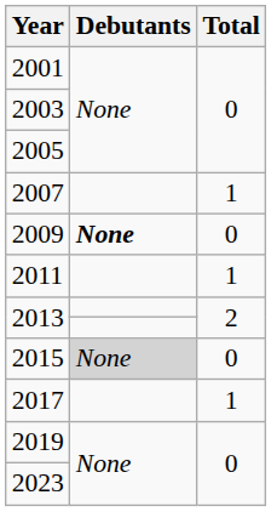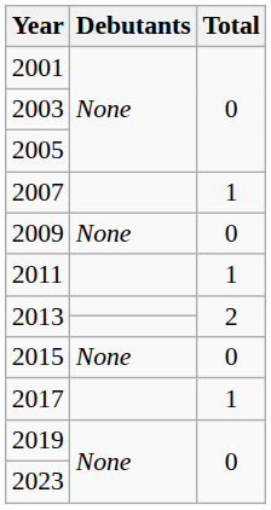 <table class="wikitable">
 <tr>
 <th>Year</th>
 <th>Debutants</th>
 <th>Total</th>
 </tr>
 <tr>
 <td>2001</td>
 <td rowspan=3><em>None</em></td>
 <td rowspan=3 align=center>0</td>
 </tr>
 <tr>
 <td>2003</td>
 </tr>
 <tr>
 <td>2005</td>
 </tr>
 <tr>
 <td>2007</td>
 <td></td>
 <td align=center>1</td>
 </tr>
 <tr>
 <td>2009</td>
-<td><strong><em>None</em></strong></td>
+<td><em>None</em></td>
 <td align=center>0</td>
 </tr>
 <tr>
 <td rowspan=1>2011</td>
 <td></td>
 <td align=center>1</td>
 </tr>
 <tr>
 <td rowspan=2>2013</td>
 <td></td>
 <td rowspan=2 align=center>2</td>
 </tr>
 <tr>
 <td></td>
 </tr>
 <tr>
 <td>2015</td>
-<td style="background: lightgrey;"><em>None</em></td>
+<td><em>None</em></td>
 <td align=center>0</td>
 </tr>
 <tr>
 <td>2017</td>
 <td></td>
 <td align=center>1</td>
 </tr>
 <tr>
 <td>2019</td>
 <td rowspan=2><em>None</em></td>
 <td rowspan=2 align=center>0</td>
 </tr>
 <tr>
 <td>2023</td>
 </tr>
 </table>
